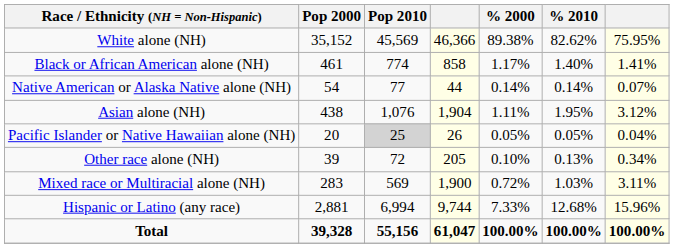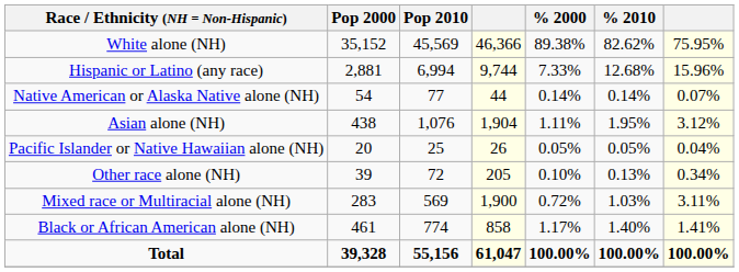 <table class="wikitable" style="text-align:center;">
 <tr>
 <th>Race / Ethnicity <small>(<em>NH = Non-Hispanic</em>)</small></th>
 <th>Pop 2000</th>
 <th>Pop 2010</th>
 <th></th>
 <th>% 2000</th>
 <th>% 2010</th>
 <th></th>
 </tr>
 <tr>
 <td><a href='#'>White</a> alone (NH)</td>
 <td>35,152</td>
 <td>45,569</td>
 <td style='background: #ffffe6;'>46,366</td>
 <td>89.38%</td>
 <td>82.62%</td>
 <td style='background: #ffffe6;'>75.95%</td>
 </tr>
 <tr>
-<td><a href='#'>Black or African American</a> alone (NH)</td>
-<td>461</td>
-<td>774</td>
-<td style='background: #ffffe6;'>858</td>
-<td>1.17%</td>
-<td>1.40%</td>
-<td style='background: #ffffe6;'>1.41%</td>
+<td><a href='#'>Hispanic or Latino</a> (any race)</td>
+<td>2,881</td>
+<td>6,994</td>
+<td style='background: #ffffe6;'>9,744</td>
+<td>7.33%</td>
+<td>12.68%</td>
+<td style='background: #ffffe6;'>15.96%</td>
 </tr>
 <tr>
 <td><a href='#'>Native American</a> or <a href='#'>Alaska Native</a> alone (NH)</td>
 <td>54</td>
 <td>77</td>
 <td style='background: #ffffe6;'>44</td>
 <td>0.14%</td>
 <td>0.14%</td>
 <td style='background: #ffffe6;'>0.07%</td>
 </tr>
 <tr>
 <td><a href='#'>Asian</a> alone (NH)</td>
 <td>438</td>
 <td>1,076</td>
 <td style='background: #ffffe6;'>1,904</td>
 <td>1.11%</td>
 <td>1.95%</td>
 <td style='background: #ffffe6;'>3.12%</td>
 </tr>
 <tr>
 <td><a href='#'>Pacific Islander</a> or <a href='#'>Native Hawaiian</a> alone (NH)</td>
 <td>20</td>
-<td style="background: lightgrey;">25</td>
+<td>25</td>
 <td style='background: #ffffe6;'>26</td>
 <td>0.05%</td>
 <td>0.05%</td>
 <td style='background: #ffffe6;'>0.04%</td>
 </tr>
 <tr>
 <td><a href='#'>Other race</a> alone (NH)</td>
 <td>39</td>
 <td>72</td>
 <td style='background: #ffffe6;'>205</td>
 <td>0.10%</td>
 <td>0.13%</td>
 <td style='background: #ffffe6;'>0.34%</td>
 </tr>
 <tr>
 <td><a href='#'>Mixed race or Multiracial</a> alone (NH)</td>
 <td>283</td>
 <td>569</td>
 <td style='background: #ffffe6;'>1,900</td>
 <td>0.72%</td>
 <td>1.03%</td>
 <td style='background: #ffffe6;'>3.11%</td>
 </tr>
 <tr>
-<td><a href='#'>Hispanic or Latino</a> (any race)</td>
-<td>2,881</td>
-<td>6,994</td>
-<td style='background: #ffffe6;'>9,744</td>
-<td>7.33%</td>
-<td>12.68%</td>
-<td style='background: #ffffe6;'>15.96%</td>
+<td><a href='#'>Black or African American</a> alone (NH)</td>
+<td>461</td>
+<td>774</td>
+<td style='background: #ffffe6;'>858</td>
+<td>1.17%</td>
+<td>1.40%</td>
+<td style='background: #ffffe6;'>1.41%</td>
 </tr>
 <tr>
 <td><strong>Total</strong></td>
 <td><strong>39,328</strong></td>
 <td><strong>55,156</strong></td>
 <td style='background: #ffffe6;'><strong>61,047</strong></td>
 <td><strong>100.00%</strong></td>
 <td><strong>100.00%</strong></td>
 <td style='background: #ffffe6;'><strong>100.00%</strong></td>
 </tr>
 <tr>
 </tr>
 </table>
